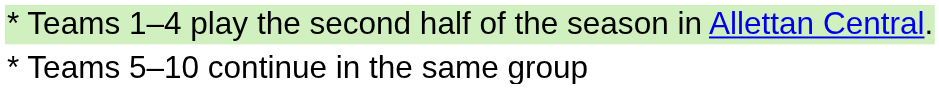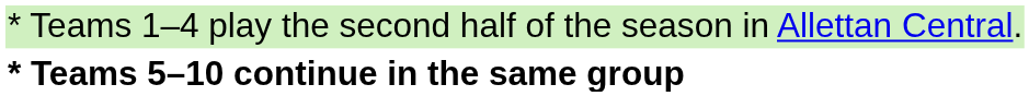 <table>
 <tr style="background: #D0F0C0;">
 <td>* Teams 1–4 play the second half of the season in <a href='#'>Allettan Central</a>.</td>
 </tr>
 <tr>
-<td>* Teams 5–10 continue in the same group</td>
+<td><strong>* Teams 5–10 continue in the same group</strong></td>
 </tr>
 </table>
